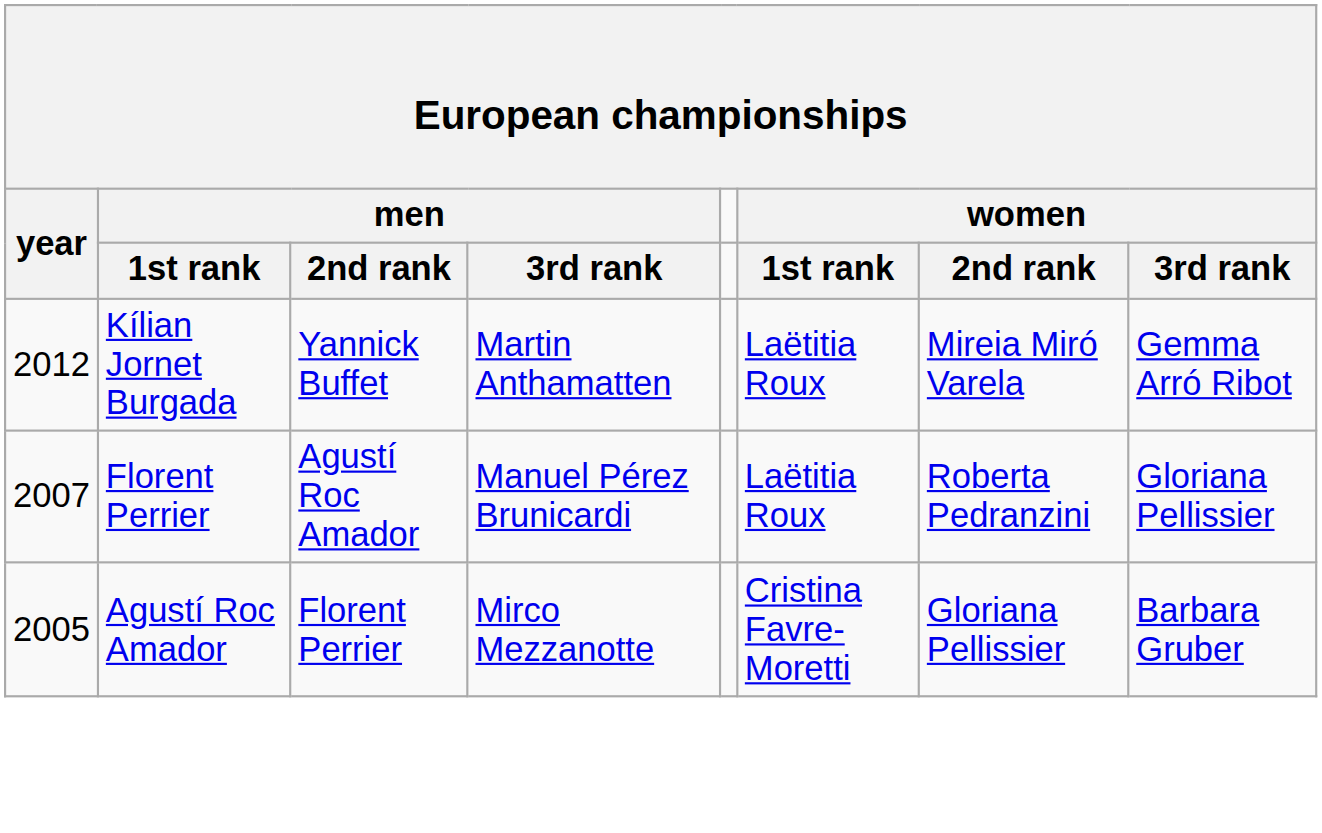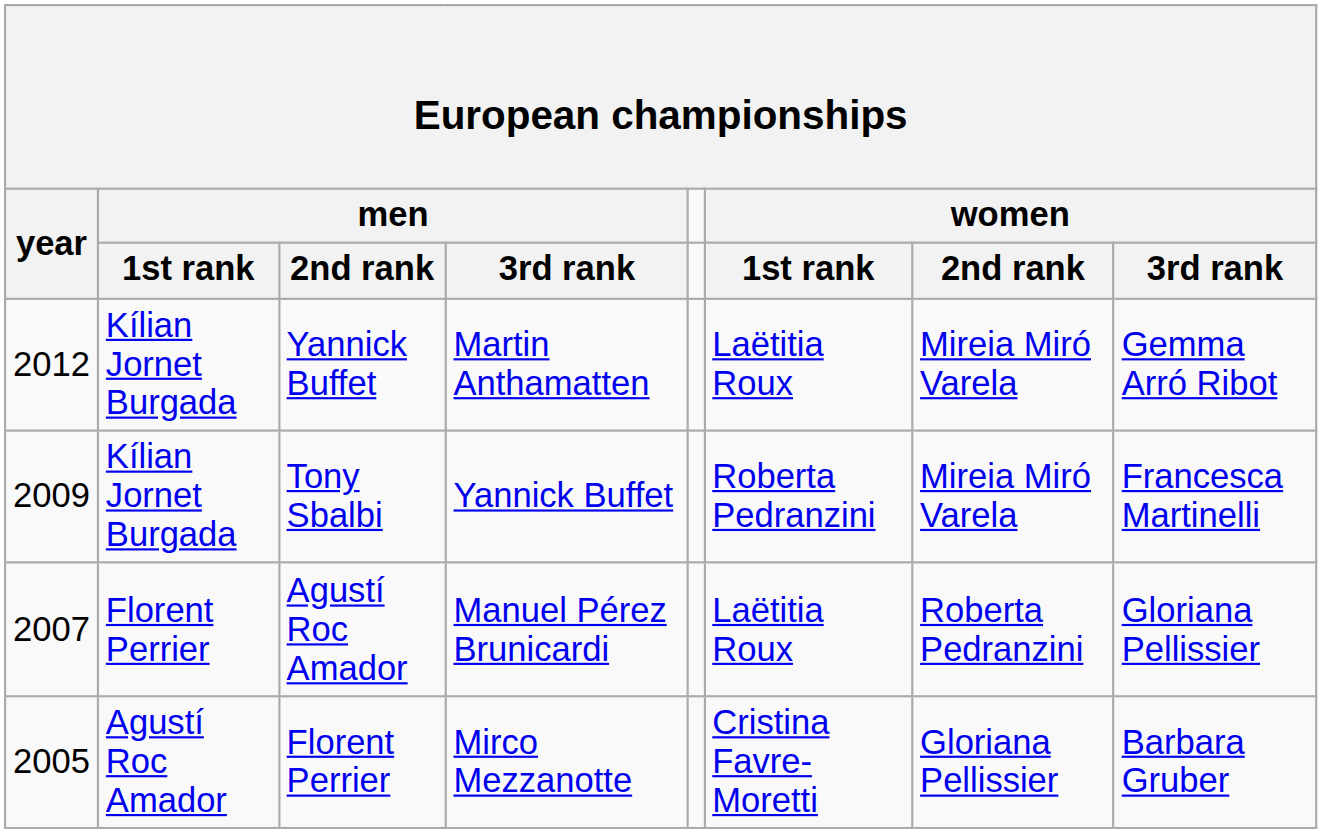 <table class="wikitable">
 <tr>
 <th colspan="8" align="left"><br><h3>European championships</h3></th>
 </tr>
 <tr>
 <th rowspan="2">year</th>
 <th colspan="3">men</th>
 <td></td>
 <th colspan="3">women</th>
 </tr>
 <tr>
 <th>1st rank</th>
 <th>2nd rank</th>
 <th>3rd rank</th>
 <td></td>
 <th>1st rank</th>
 <th>2nd rank</th>
 <th>3rd rank</th>
 </tr>
 <tr>
 <td>2012</td>
 <td> <a href='#'>Kílian Jornet Burgada</a></td>
 <td> <a href='#'>Yannick Buffet</a></td>
 <td> <a href='#'>Martin Anthamatten</a></td>
 <td></td>
 <td> <a href='#'>Laëtitia Roux</a></td>
 <td> <a href='#'>Mireia Miró Varela</a></td>
 <td> <a href='#'>Gemma Arró Ribot</a></td>
 </tr>
 <tr>
+<td>2009</td>
+<td> <a href='#'>Kílian Jornet Burgada</a></td>
+<td> <a href='#'>Tony Sbalbi</a></td>
+<td> <a href='#'>Yannick Buffet</a></td>
+<td></td>
+<td> <a href='#'>Roberta Pedranzini</a></td>
+<td> <a href='#'>Mireia Miró Varela</a></td>
+<td> <a href='#'>Francesca Martinelli</a></td>
+</tr>
+<tr>
 <td>2007</td>
 <td> <a href='#'>Florent Perrier</a></td>
 <td> <a href='#'>Agustí Roc Amador</a></td>
 <td> <a href='#'>Manuel Pérez Brunicardi</a></td>
 <td></td>
 <td> <a href='#'>Laëtitia Roux</a></td>
 <td> <a href='#'>Roberta Pedranzini</a></td>
 <td> <a href='#'>Gloriana Pellissier</a></td>
 </tr>
 <tr>
 <td>2005</td>
 <td> <a href='#'>Agustí Roc Amador</a></td>
 <td> <a href='#'>Florent Perrier</a></td>
 <td> <a href='#'>Mirco Mezzanotte</a></td>
 <td></td>
 <td> <a href='#'>Cristina Favre-Moretti</a></td>
 <td> <a href='#'>Gloriana Pellissier</a></td>
 <td> <a href='#'>Barbara Gruber</a></td>
 </tr>
 </table>
